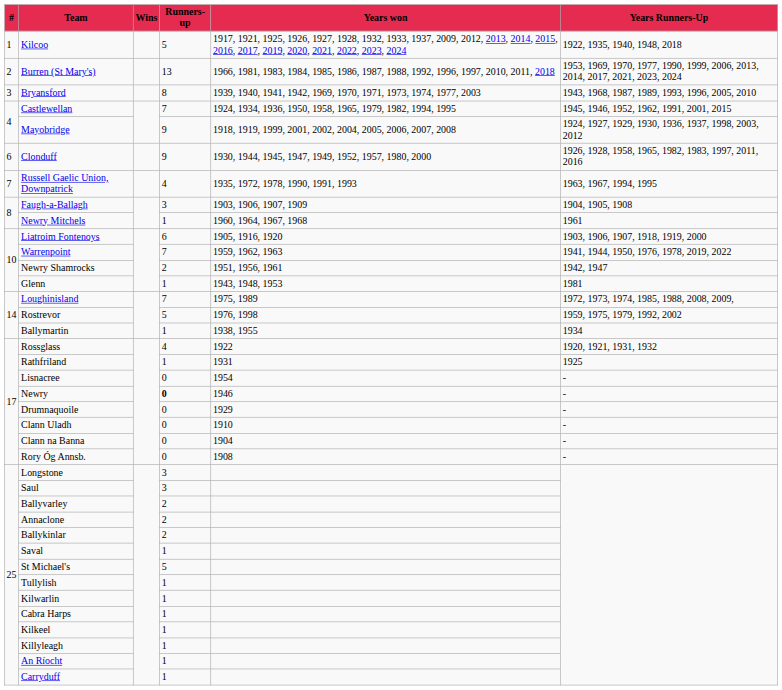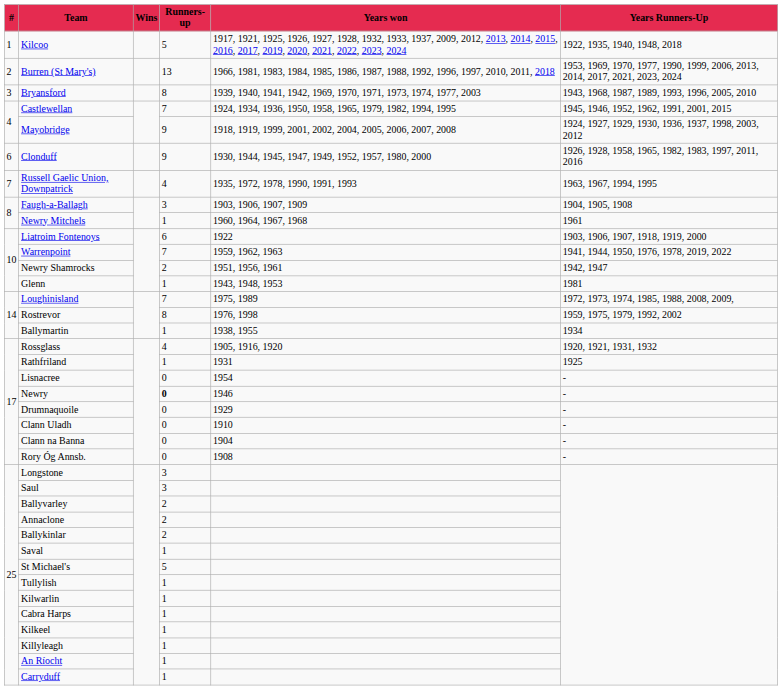 <table class="wikitable">
 <tr>
 <th style="background:#E52B50;color:black;">#</th>
 <th style="background:#E52B50;color:black;">Team</th>
 <th style="background:#E52B50;color:black;">Wins</th>
 <th style="background:#E52B50;color:black;">Runners-up</th>
 <th style="background:#E52B50;color:black;">Years won</th>
 <th style="background:#E52B50;color:black;">Years Runners-Up</th>
 </tr>
 <tr>
 <td>1</td>
 <td><a href='#'>Kilcoo</a></td>
 <td></td>
 <td>5</td>
 <td>1917, 1921, 1925, 1926, 1927, 1928, 1932, 1933, 1937, 2009, 2012, <a href='#'>2013</a>, <a href='#'>2014</a>, <a href='#'>2015</a>, <a href='#'>2016</a>, <a href='#'>2017</a>, <a href='#'>2019</a>, <a href='#'>2020</a>, <a href='#'>2021</a>, <a href='#'>2022</a>, <a href='#'>2023</a>, <a href='#'>2024</a></td>
 <td>1922, 1935, 1940, 1948, 2018</td>
 </tr>
 <tr>
 <td>2</td>
 <td><a href='#'>Burren (St Mary's)</a></td>
 <td></td>
 <td>13</td>
 <td>1966, 1981, 1983, 1984, 1985, 1986, 1987, 1988, 1992, 1996, 1997, 2010, 2011, <a href='#'>2018</a></td>
 <td>1953, 1969, 1970, 1977, 1990, 1999, 2006, 2013, 2014, 2017, 2021, 2023, 2024</td>
 </tr>
 <tr>
 <td>3</td>
 <td><a href='#'>Bryansford</a></td>
 <td></td>
 <td>8</td>
 <td>1939, 1940, 1941, 1942, 1969, 1970, 1971, 1973, 1974, 1977, 2003</td>
 <td>1943, 1968, 1987, 1989, 1993, 1996, 2005, 2010</td>
 </tr>
 <tr>
 <td rowspan=2>4</td>
 <td><a href='#'>Castlewellan</a></td>
 <td rowspan=2></td>
 <td>7</td>
 <td>1924, 1934, 1936, 1950, 1958, 1965, 1979, 1982, 1994, 1995</td>
 <td>1945, 1946, 1952, 1962, 1991, 2001, 2015</td>
 </tr>
 <tr>
 <td><a href='#'>Mayobridge</a></td>
 <td>9</td>
 <td>1918, 1919, 1999, 2001, 2002, 2004, 2005, 2006, 2007, 2008</td>
 <td>1924, 1927, 1929, 1930, 1936, 1937, 1998, 2003, 2012</td>
 </tr>
 <tr>
 <td>6</td>
 <td><a href='#'>Clonduff</a></td>
 <td></td>
 <td>9</td>
 <td>1930, 1944, 1945, 1947, 1949, 1952, 1957, 1980, 2000</td>
 <td>1926, 1928, 1958, 1965, 1982, 1983, 1997, 2011, 2016</td>
 </tr>
 <tr>
 <td>7</td>
 <td><a href='#'>Russell Gaelic Union, Downpatrick</a></td>
 <td></td>
 <td>4</td>
 <td>1935, 1972, 1978, 1990, 1991, 1993</td>
 <td>1963, 1967, 1994, 1995</td>
 </tr>
 <tr>
 <td rowspan=2>8</td>
 <td><a href='#'>Faugh-a-Ballagh</a></td>
 <td rowspan=2></td>
 <td>3</td>
 <td>1903, 1906, 1907, 1909</td>
 <td>1904, 1905, 1908</td>
 </tr>
 <tr>
 <td><a href='#'>Newry Mitchels</a></td>
 <td>1</td>
 <td>1960, 1964, 1967, 1968</td>
 <td>1961</td>
 </tr>
 <tr>
 <td rowspan=4>10</td>
 <td><a href='#'>Liatroim Fontenoys</a></td>
 <td rowspan=4></td>
 <td>6</td>
-<td>1905, 1916, 1920</td>
+<td>1922</td>
 <td>1903, 1906, 1907, 1918, 1919, 2000</td>
 </tr>
 <tr>
 <td><a href='#'>Warrenpoint</a></td>
 <td>7</td>
 <td>1959, 1962, 1963</td>
 <td>1941, 1944, 1950, 1976, 1978, 2019, 2022</td>
 </tr>
 <tr>
 <td>Newry Shamrocks</td>
 <td>2</td>
 <td>1951, 1956, 1961</td>
 <td>1942, 1947</td>
 </tr>
 <tr>
 <td>Glenn</td>
 <td>1</td>
 <td>1943, 1948, 1953</td>
 <td>1981</td>
 </tr>
 <tr>
 <td rowspan=3>14</td>
 <td><a href='#'>Loughinisland</a></td>
 <td rowspan=3></td>
 <td>7</td>
 <td>1975, 1989</td>
 <td>1972, 1973, 1974, 1985, 1988, 2008, 2009,</td>
 </tr>
 <tr>
 <td>Rostrevor</td>
-<td>5</td>
+<td>8</td>
 <td>1976, 1998</td>
 <td>1959, 1975, 1979, 1992, 2002</td>
 </tr>
 <tr>
 <td>Ballymartin</td>
 <td>1</td>
 <td>1938, 1955</td>
 <td>1934</td>
 </tr>
 <tr>
 <td rowspan=8>17</td>
 <td>Rossglass</td>
 <td rowspan=8></td>
 <td>4</td>
-<td>1922</td>
+<td>1905, 1916, 1920</td>
 <td>1920, 1921, 1931, 1932</td>
 </tr>
 <tr>
 <td>Rathfriland</td>
 <td>1</td>
 <td>1931</td>
 <td>1925</td>
 </tr>
 <tr>
 <td>Lisnacree</td>
 <td>0</td>
 <td>1954</td>
 <td>-</td>
 </tr>
 <tr>
 <td>Newry</td>
 <td><strong>0</strong></td>
 <td>1946</td>
 <td>-</td>
 </tr>
 <tr>
 <td>Drumnaquoile</td>
 <td>0</td>
 <td>1929</td>
 <td>-</td>
 </tr>
 <tr>
 <td>Clann Uladh</td>
 <td>0</td>
 <td>1910</td>
 <td>-</td>
 </tr>
 <tr>
 <td>Clann na Banna</td>
 <td>0</td>
 <td>1904</td>
 <td>-</td>
 </tr>
 <tr>
 <td>Rory Óg Annsb.</td>
 <td>0</td>
 <td>1908</td>
 <td>-</td>
 </tr>
 <tr>
 <td rowspan=14>25</td>
 <td>Longstone</td>
 <td rowspan=14></td>
 <td>3</td>
 <td></td>
 </tr>
 <tr>
 <td>Saul</td>
 <td>3</td>
 <td></td>
 </tr>
 <tr>
 <td>Ballyvarley</td>
 <td>2</td>
 <td></td>
 </tr>
 <tr>
 <td>Annaclone</td>
 <td>2</td>
 <td></td>
 </tr>
 <tr>
 <td>Ballykinlar</td>
 <td>2</td>
 <td></td>
 </tr>
 <tr>
 <td>Saval</td>
 <td>1</td>
 <td></td>
 </tr>
 <tr>
 <td>St Michael's</td>
 <td>5</td>
 <td></td>
 </tr>
 <tr>
 <td>Tullylish</td>
 <td>1</td>
 <td></td>
 </tr>
 <tr>
 <td>Kilwarlin</td>
 <td>1</td>
 <td></td>
 </tr>
 <tr>
 <td>Cabra Harps</td>
 <td>1</td>
 <td></td>
 </tr>
 <tr>
 <td>Kilkeel</td>
 <td>1</td>
 <td></td>
 </tr>
 <tr>
 <td>Killyleagh</td>
 <td>1</td>
 <td></td>
 </tr>
 <tr>
 <td><a href='#'>An Ríocht</a></td>
 <td>1</td>
 <td></td>
 </tr>
 <tr>
 <td><a href='#'>Carryduff</a></td>
 <td>1</td>
 <td></td>
 </tr>
 </table>
